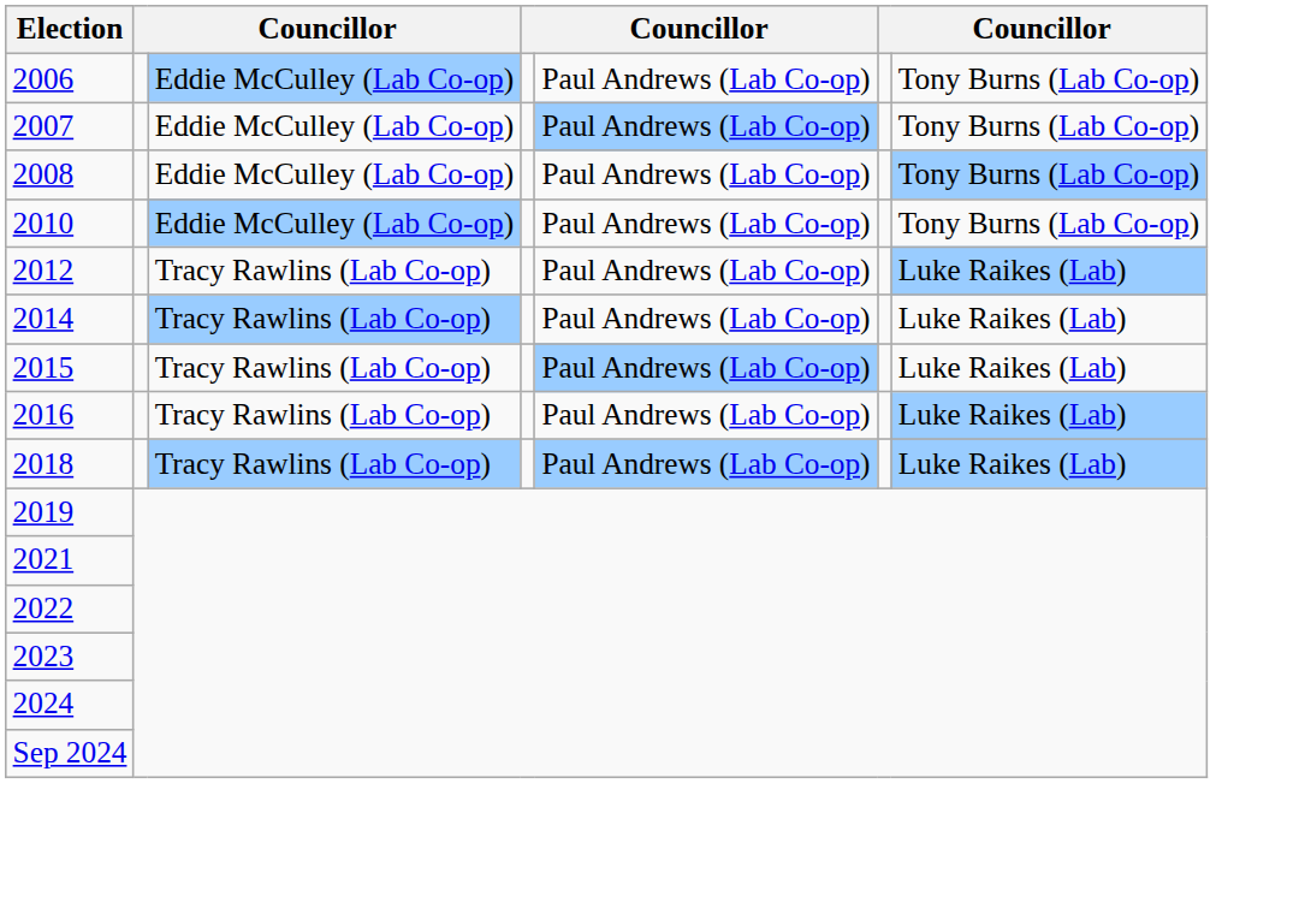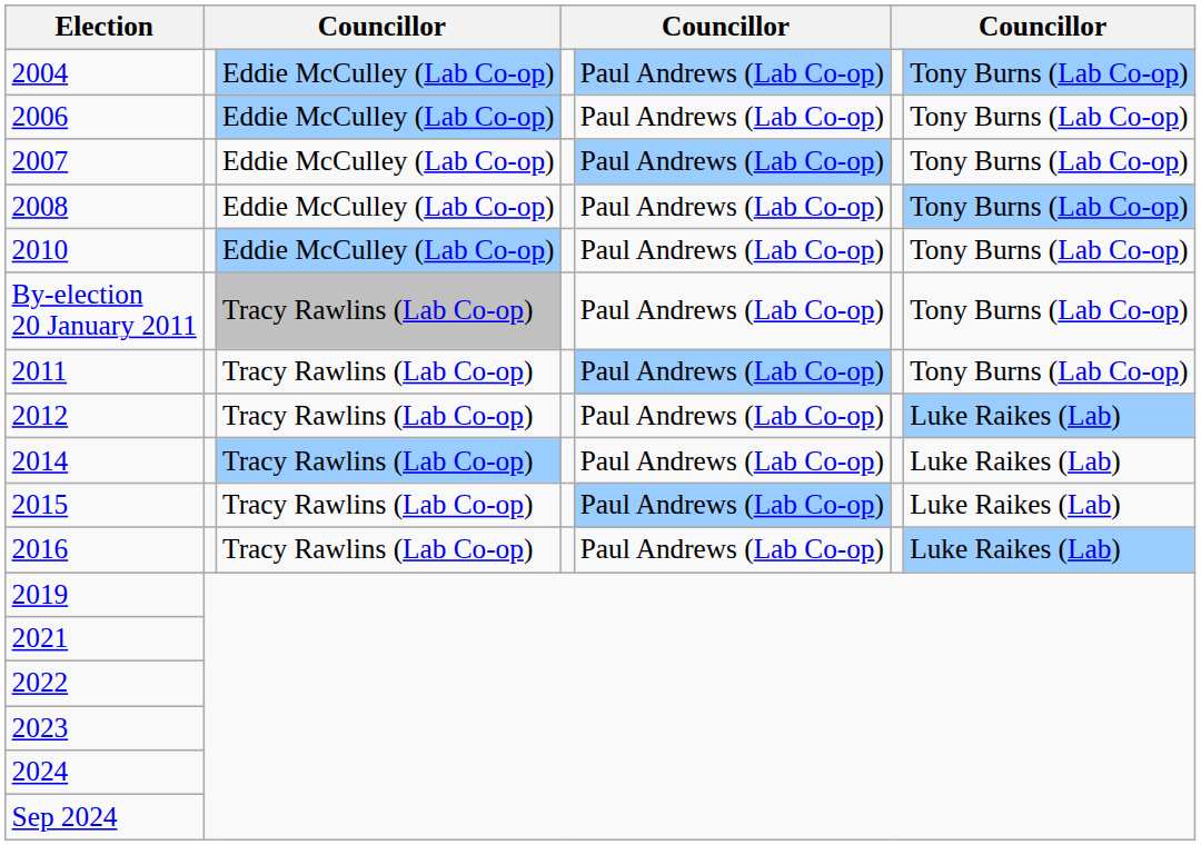 <table class="wikitable">
 <tr>
 <th>Election</th>
 <th colspan="2">Councillor</th>
 <th colspan="2">Councillor</th>
 <th colspan="2">Councillor</th>
+</tr>
+<tr>
+<td><a href='#'>2004</a></td>
+<td style="background-color: "></td>
+<td bgcolor="#99CCFF">Eddie McCulley (<a href='#'>Lab Co-op</a>)</td>
+<td style="background-color: "></td>
+<td bgcolor="#99CCFF">Paul Andrews (<a href='#'>Lab Co-op</a>)</td>
+<td style="background-color: "></td>
+<td bgcolor="#99CCFF">Tony Burns (<a href='#'>Lab Co-op</a>)</td>
 </tr>
 <tr>
 <td><a href='#'>2006</a></td>
 <td style="background-color: "></td>
 <td bgcolor="#99CCFF">Eddie McCulley (<a href='#'>Lab Co-op</a>)</td>
 <td style="background-color: "></td>
 <td>Paul Andrews (<a href='#'>Lab Co-op</a>)</td>
 <td style="background-color: "></td>
 <td>Tony Burns (<a href='#'>Lab Co-op</a>)</td>
 </tr>
 <tr>
 <td><a href='#'>2007</a></td>
 <td style="background-color: "></td>
 <td>Eddie McCulley (<a href='#'>Lab Co-op</a>)</td>
 <td style="background-color: "></td>
 <td bgcolor="#99CCFF">Paul Andrews (<a href='#'>Lab Co-op</a>)</td>
 <td style="background-color: "></td>
 <td>Tony Burns (<a href='#'>Lab Co-op</a>)</td>
 </tr>
 <tr>
 <td><a href='#'>2008</a></td>
 <td style="background-color: "></td>
 <td>Eddie McCulley (<a href='#'>Lab Co-op</a>)</td>
 <td style="background-color: "></td>
 <td>Paul Andrews (<a href='#'>Lab Co-op</a>)</td>
 <td style="background-color: "></td>
 <td bgcolor="#99CCFF">Tony Burns (<a href='#'>Lab Co-op</a>)</td>
 </tr>
 <tr>
 <td><a href='#'>2010</a></td>
 <td style="background-color: "></td>
 <td bgcolor="#99CCFF">Eddie McCulley (<a href='#'>Lab Co-op</a>)</td>
 <td style="background-color: "></td>
 <td>Paul Andrews (<a href='#'>Lab Co-op</a>)</td>
+<td style="background-color: "></td>
+<td>Tony Burns (<a href='#'>Lab Co-op</a>)</td>
+</tr>
+<tr>
+<td><a href='#'>By-election<br>20 January 2011</a></td>
+<td style="background-color: "></td>
+<td bgcolor="#C0C0C0">Tracy Rawlins (<a href='#'>Lab Co-op</a>)</td>
+<td style="background-color: "></td>
+<td>Paul Andrews (<a href='#'>Lab Co-op</a>)</td>
+<td style="background-color: "></td>
+<td>Tony Burns (<a href='#'>Lab Co-op</a>)</td>
+</tr>
+<tr>
+<td><a href='#'>2011</a></td>
+<td style="background-color: "></td>
+<td>Tracy Rawlins (<a href='#'>Lab Co-op</a>)</td>
+<td style="background-color: "></td>
+<td bgcolor="#99CCFF">Paul Andrews (<a href='#'>Lab Co-op</a>)</td>
 <td style="background-color: "></td>
 <td>Tony Burns (<a href='#'>Lab Co-op</a>)</td>
 </tr>
 <tr>
 <td><a href='#'>2012</a></td>
 <td style="background-color: "></td>
 <td>Tracy Rawlins (<a href='#'>Lab Co-op</a>)</td>
 <td style="background-color: "></td>
 <td>Paul Andrews (<a href='#'>Lab Co-op</a>)</td>
 <td style="background-color: "></td>
 <td bgcolor="#99CCFF">Luke Raikes (<a href='#'>Lab</a>)</td>
 </tr>
 <tr>
 <td><a href='#'>2014</a></td>
 <td style="background-color: "></td>
 <td bgcolor="#99CCFF">Tracy Rawlins (<a href='#'>Lab Co-op</a>)</td>
 <td style="background-color: "></td>
 <td>Paul Andrews (<a href='#'>Lab Co-op</a>)</td>
 <td style="background-color: "></td>
 <td>Luke Raikes (<a href='#'>Lab</a>)</td>
 </tr>
 <tr>
 <td><a href='#'>2015</a></td>
 <td style="background-color: "></td>
 <td>Tracy Rawlins (<a href='#'>Lab Co-op</a>)</td>
 <td style="background-color: "></td>
 <td bgcolor="#99CCFF">Paul Andrews (<a href='#'>Lab Co-op</a>)</td>
 <td style="background-color: "></td>
 <td>Luke Raikes (<a href='#'>Lab</a>)</td>
 </tr>
 <tr>
 <td><a href='#'>2016</a></td>
 <td style="background-color: "></td>
 <td>Tracy Rawlins (<a href='#'>Lab Co-op</a>)</td>
 <td style="background-color: "></td>
 <td>Paul Andrews (<a href='#'>Lab Co-op</a>)</td>
 <td style="background-color: "></td>
 <td bgcolor="#99CCFF">Luke Raikes (<a href='#'>Lab</a>)</td>
 </tr>
 <tr>
-<td><a href='#'>2018</a></td>
-<td style="background-color: "></td>
-<td bgcolor="#99CCFF">Tracy Rawlins (<a href='#'>Lab Co-op</a>)</td>
-<td style="background-color: "></td>
-<td bgcolor="#99CCFF">Paul Andrews (<a href='#'>Lab Co-op</a>)</td>
-<td style="background-color: "></td>
-<td bgcolor="#99CCFF">Luke Raikes (<a href='#'>Lab</a>)</td>
-</tr>
-<tr>
 <td><a href='#'>2019</a><br>  </td>
 </tr>
 <tr>
 <td><a href='#'>2021</a><br>  </td>
 </tr>
 <tr>
 <td><a href='#'>2022</a><br>  </td>
 </tr>
 <tr>
 <td><a href='#'>2023</a><br>  </td>
 </tr>
 <tr>
 <td><a href='#'>2024</a><br>  </td>
 </tr>
 <tr>
 <td><a href='#'>Sep 2024</a><br>  </td>
 </tr>
 </table>
